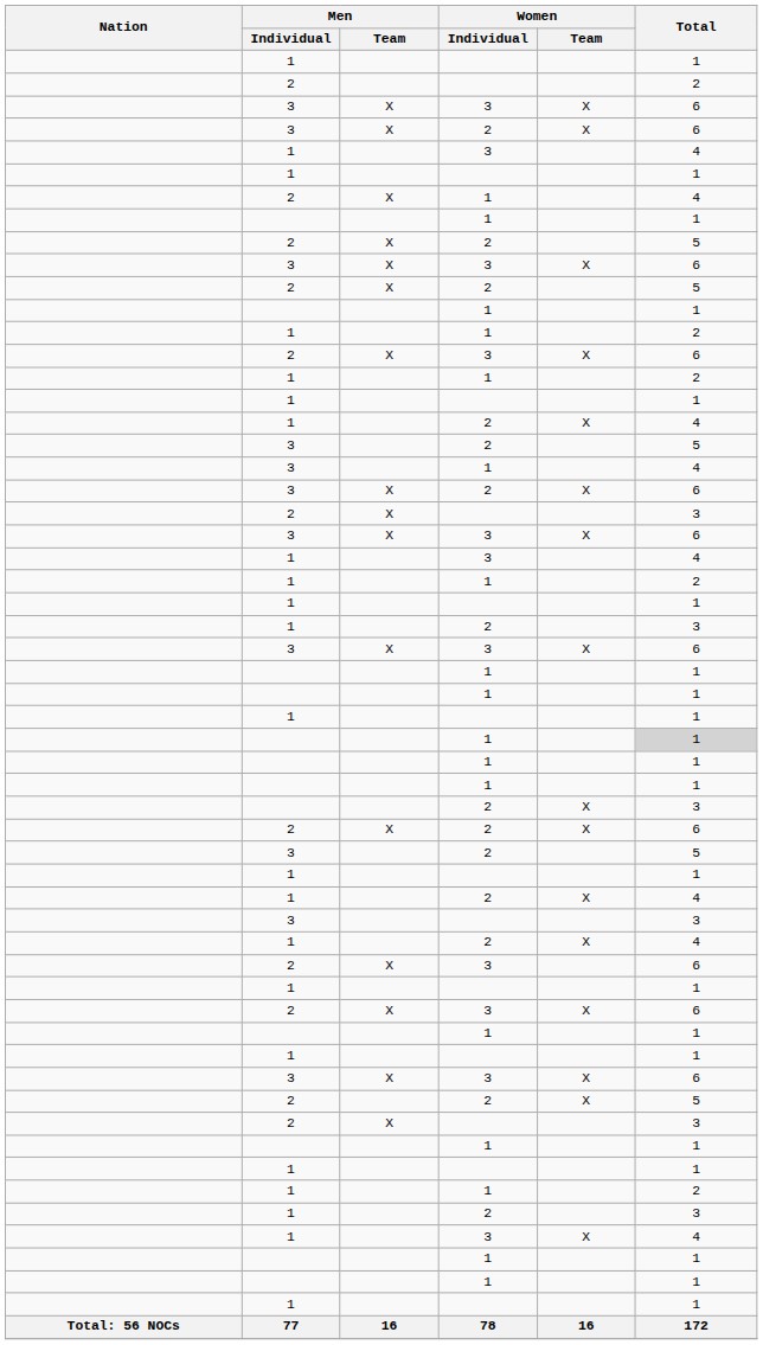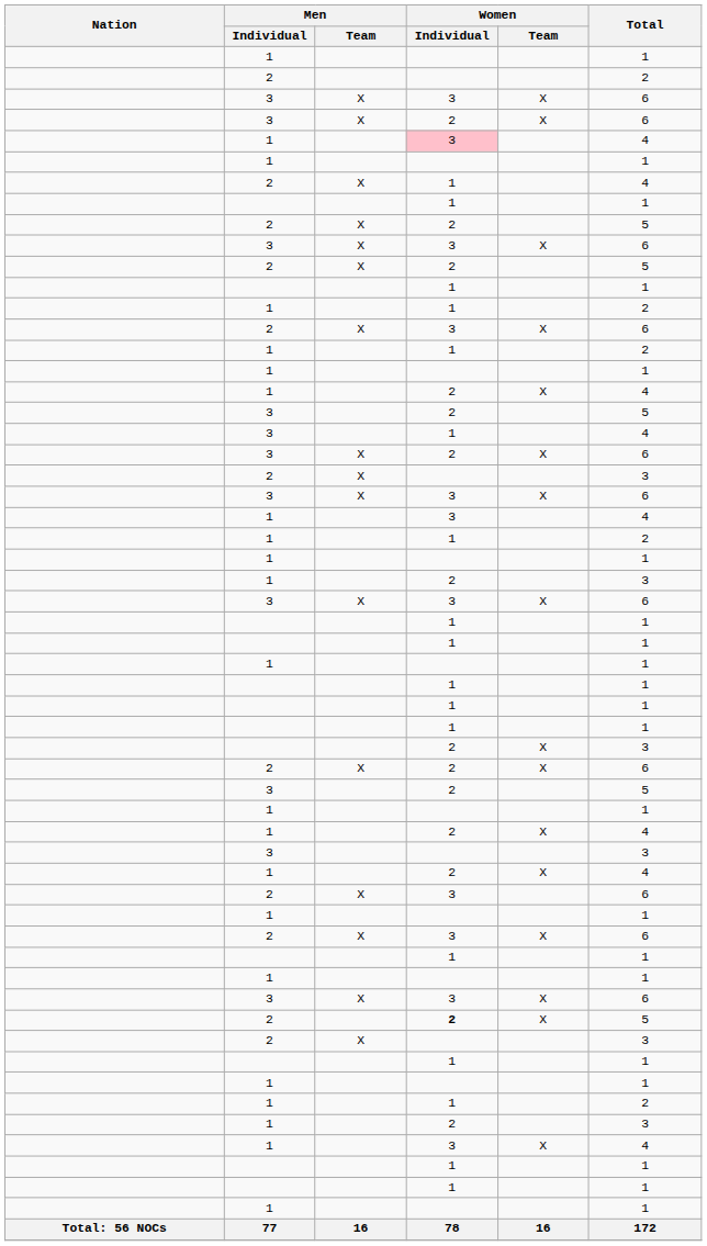 <table class="wikitable" style="text-align:center; font-size:90%">
 <tr>
 <th rowspan=2 align=left width=200>Nation</th>
 <th colspan=2 width=160>Men</th>
 <th colspan=2 width=160>Women</th>
 <th rowspan=2 width=100>Total</th>
 </tr>
 <tr>
 <th width=80>Individual</th>
 <th width=80>Team</th>
 <th width=80>Individual</th>
 <th width=80>Team</th>
 </tr>
 <tr>
 <td align=left></td>
 <td>1</td>
 <td></td>
 <td></td>
 <td></td>
 <td>1</td>
 </tr>
 <tr>
 <td align=left></td>
 <td>2</td>
 <td></td>
 <td></td>
 <td></td>
 <td>2</td>
 </tr>
 <tr>
 <td align=left></td>
 <td>3</td>
 <td>X</td>
 <td>3</td>
 <td>X</td>
 <td>6</td>
 </tr>
 <tr>
 <td align=left></td>
 <td>3</td>
 <td>X</td>
 <td>2</td>
 <td>X</td>
 <td>6</td>
 </tr>
 <tr>
 <td align=left></td>
 <td>1</td>
 <td></td>
-<td>3</td>
+<td style="background: pink;">3</td>
 <td></td>
 <td>4</td>
 </tr>
 <tr>
 <td align=left></td>
 <td>1</td>
 <td></td>
 <td></td>
 <td></td>
 <td>1</td>
 </tr>
 <tr>
 <td align=left></td>
 <td>2</td>
 <td>X</td>
 <td>1</td>
 <td></td>
 <td>4</td>
 </tr>
 <tr>
 <td align=left></td>
 <td></td>
 <td></td>
 <td>1</td>
 <td></td>
 <td>1</td>
 </tr>
 <tr>
 <td align=left></td>
 <td>2</td>
 <td>X</td>
 <td>2</td>
 <td></td>
 <td>5</td>
 </tr>
 <tr>
 <td align=left></td>
 <td>3</td>
 <td>X</td>
 <td>3</td>
 <td>X</td>
 <td>6</td>
 </tr>
 <tr>
 <td align=left></td>
 <td>2</td>
 <td>X</td>
 <td>2</td>
 <td></td>
 <td>5</td>
 </tr>
 <tr>
 <td align=left></td>
 <td></td>
 <td></td>
 <td>1</td>
 <td></td>
 <td>1</td>
 </tr>
 <tr>
 <td align=left></td>
 <td>1</td>
 <td></td>
 <td>1</td>
 <td></td>
 <td>2</td>
 </tr>
 <tr>
 <td align=left></td>
 <td>2</td>
 <td>X</td>
 <td>3</td>
 <td>X</td>
 <td>6</td>
 </tr>
 <tr>
 <td align=left></td>
 <td>1</td>
 <td></td>
 <td>1</td>
 <td></td>
 <td>2</td>
 </tr>
 <tr>
 <td align=left></td>
 <td>1</td>
 <td></td>
 <td></td>
 <td></td>
 <td>1</td>
 </tr>
 <tr>
 <td align=left></td>
 <td>1</td>
 <td></td>
 <td>2</td>
 <td>X</td>
 <td>4</td>
 </tr>
 <tr>
 <td align=left></td>
 <td>3</td>
 <td></td>
 <td>2</td>
 <td></td>
 <td>5</td>
 </tr>
 <tr>
 <td align=left></td>
 <td>3</td>
 <td></td>
 <td>1</td>
 <td></td>
 <td>4</td>
 </tr>
 <tr>
 <td align=left></td>
 <td>3</td>
 <td>X</td>
 <td>2</td>
 <td>X</td>
 <td>6</td>
 </tr>
 <tr>
 <td align=left></td>
 <td>2</td>
 <td>X</td>
 <td></td>
 <td></td>
 <td>3</td>
 </tr>
 <tr>
 <td align=left></td>
 <td>3</td>
 <td>X</td>
 <td>3</td>
 <td>X</td>
 <td>6</td>
 </tr>
 <tr>
 <td align=left></td>
 <td>1</td>
 <td></td>
 <td>3</td>
 <td></td>
 <td>4</td>
 </tr>
 <tr>
 <td align=left></td>
 <td>1</td>
 <td></td>
 <td>1</td>
 <td></td>
 <td>2</td>
 </tr>
 <tr>
 <td align=left></td>
 <td>1</td>
 <td></td>
 <td></td>
 <td></td>
 <td>1</td>
 </tr>
 <tr>
 <td align=left></td>
 <td>1</td>
 <td></td>
 <td>2</td>
 <td></td>
 <td>3</td>
 </tr>
 <tr>
 <td align=left></td>
 <td>3</td>
 <td>X</td>
 <td>3</td>
 <td>X</td>
 <td>6</td>
 </tr>
 <tr>
 <td align=left></td>
 <td></td>
 <td></td>
 <td>1</td>
 <td></td>
 <td>1</td>
 </tr>
 <tr>
 <td align=left></td>
 <td></td>
 <td></td>
 <td>1</td>
 <td></td>
 <td>1</td>
 </tr>
 <tr>
 <td align=left></td>
 <td>1</td>
 <td></td>
 <td></td>
 <td></td>
 <td>1</td>
 </tr>
 <tr>
 <td align=left></td>
 <td></td>
 <td></td>
 <td>1</td>
 <td></td>
-<td style="background: lightgrey;">1</td>
+<td>1</td>
 </tr>
 <tr>
 <td align=left></td>
 <td></td>
 <td></td>
 <td>1</td>
 <td></td>
 <td>1</td>
 </tr>
 <tr>
 <td align=left></td>
 <td></td>
 <td></td>
 <td>1</td>
 <td></td>
 <td>1</td>
 </tr>
 <tr>
 <td align=left></td>
 <td></td>
 <td></td>
 <td>2</td>
 <td>X</td>
 <td>3</td>
 </tr>
 <tr>
 <td align=left></td>
 <td>2</td>
 <td>X</td>
 <td>2</td>
 <td>X</td>
 <td>6</td>
 </tr>
 <tr>
 <td align=left></td>
 <td>3</td>
 <td></td>
 <td>2</td>
 <td></td>
 <td>5</td>
 </tr>
 <tr>
 <td align=left></td>
 <td>1</td>
 <td></td>
 <td></td>
 <td></td>
 <td>1</td>
 </tr>
 <tr>
 <td align=left></td>
 <td>1</td>
 <td></td>
 <td>2</td>
 <td>X</td>
 <td>4</td>
 </tr>
 <tr>
 <td align=left></td>
 <td>3</td>
 <td></td>
 <td></td>
 <td></td>
 <td>3</td>
 </tr>
 <tr>
 <td align=left></td>
 <td>1</td>
 <td></td>
 <td>2</td>
 <td>X</td>
 <td>4</td>
 </tr>
 <tr>
 <td align=left></td>
 <td>2</td>
 <td>X</td>
 <td>3</td>
 <td></td>
 <td>6</td>
 </tr>
 <tr>
 <td align=left></td>
 <td>1</td>
 <td></td>
 <td></td>
 <td></td>
 <td>1</td>
 </tr>
 <tr>
 <td align=left></td>
 <td>2</td>
 <td>X</td>
 <td>3</td>
 <td>X</td>
 <td>6</td>
 </tr>
 <tr>
 <td align=left></td>
 <td></td>
 <td></td>
 <td>1</td>
 <td></td>
 <td>1</td>
 </tr>
 <tr>
 <td align=left></td>
 <td>1</td>
 <td></td>
 <td></td>
 <td></td>
 <td>1</td>
 </tr>
 <tr>
 <td align=left></td>
 <td>3</td>
 <td>X</td>
 <td>3</td>
 <td>X</td>
 <td>6</td>
 </tr>
 <tr>
 <td align=left></td>
 <td>2</td>
 <td></td>
-<td>2</td>
+<td><strong>2</strong></td>
 <td>X</td>
 <td>5</td>
 </tr>
 <tr>
 <td align=left></td>
 <td>2</td>
 <td>X</td>
 <td></td>
 <td></td>
 <td>3</td>
 </tr>
 <tr>
 <td align=left></td>
 <td></td>
 <td></td>
 <td>1</td>
 <td></td>
 <td>1</td>
 </tr>
 <tr>
 <td align=left></td>
 <td>1</td>
 <td></td>
 <td></td>
 <td></td>
 <td>1</td>
 </tr>
 <tr>
 <td align=left></td>
 <td>1</td>
 <td></td>
 <td>1</td>
 <td></td>
 <td>2</td>
 </tr>
 <tr>
 <td align=left></td>
 <td>1</td>
 <td></td>
 <td>2</td>
 <td></td>
 <td>3</td>
 </tr>
 <tr>
 <td align=left></td>
 <td>1</td>
 <td></td>
 <td>3</td>
 <td>X</td>
 <td>4</td>
 </tr>
 <tr>
 <td align=left></td>
 <td></td>
 <td></td>
 <td>1</td>
 <td></td>
 <td>1</td>
 </tr>
 <tr>
 <td align=left></td>
 <td></td>
 <td></td>
 <td>1</td>
 <td></td>
 <td>1</td>
 </tr>
 <tr>
 <td align=left></td>
 <td>1</td>
 <td></td>
 <td></td>
 <td></td>
 <td>1</td>
 </tr>
 <tr>
 <th>Total: 56 NOCs</th>
 <th>77</th>
 <th>16</th>
 <th>78</th>
 <th>16</th>
 <th>172</th>
 </tr>
 <tr>
 </tr>
 </table>
